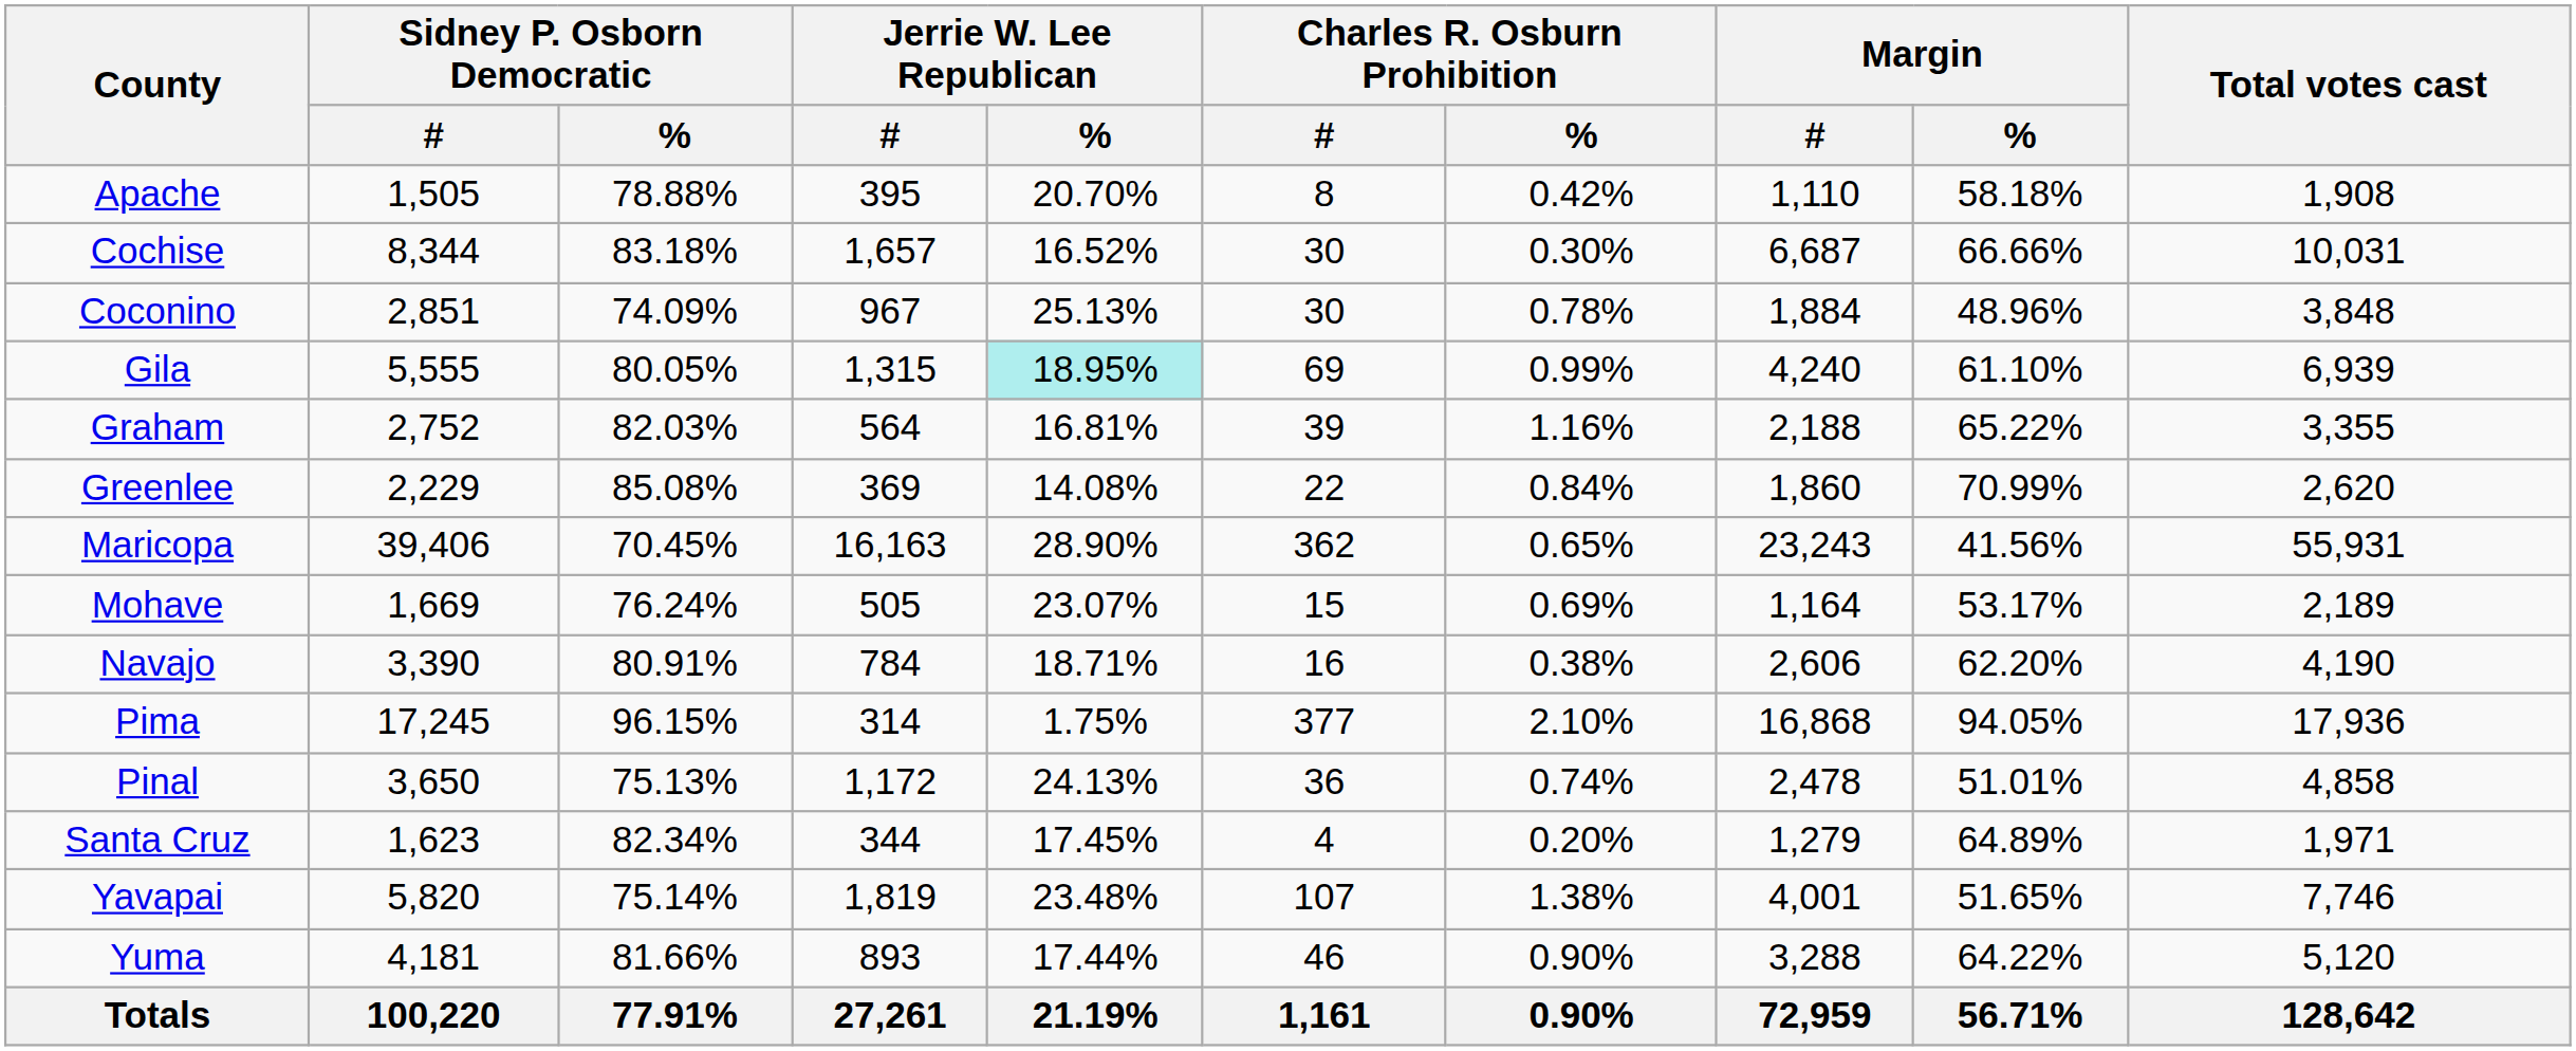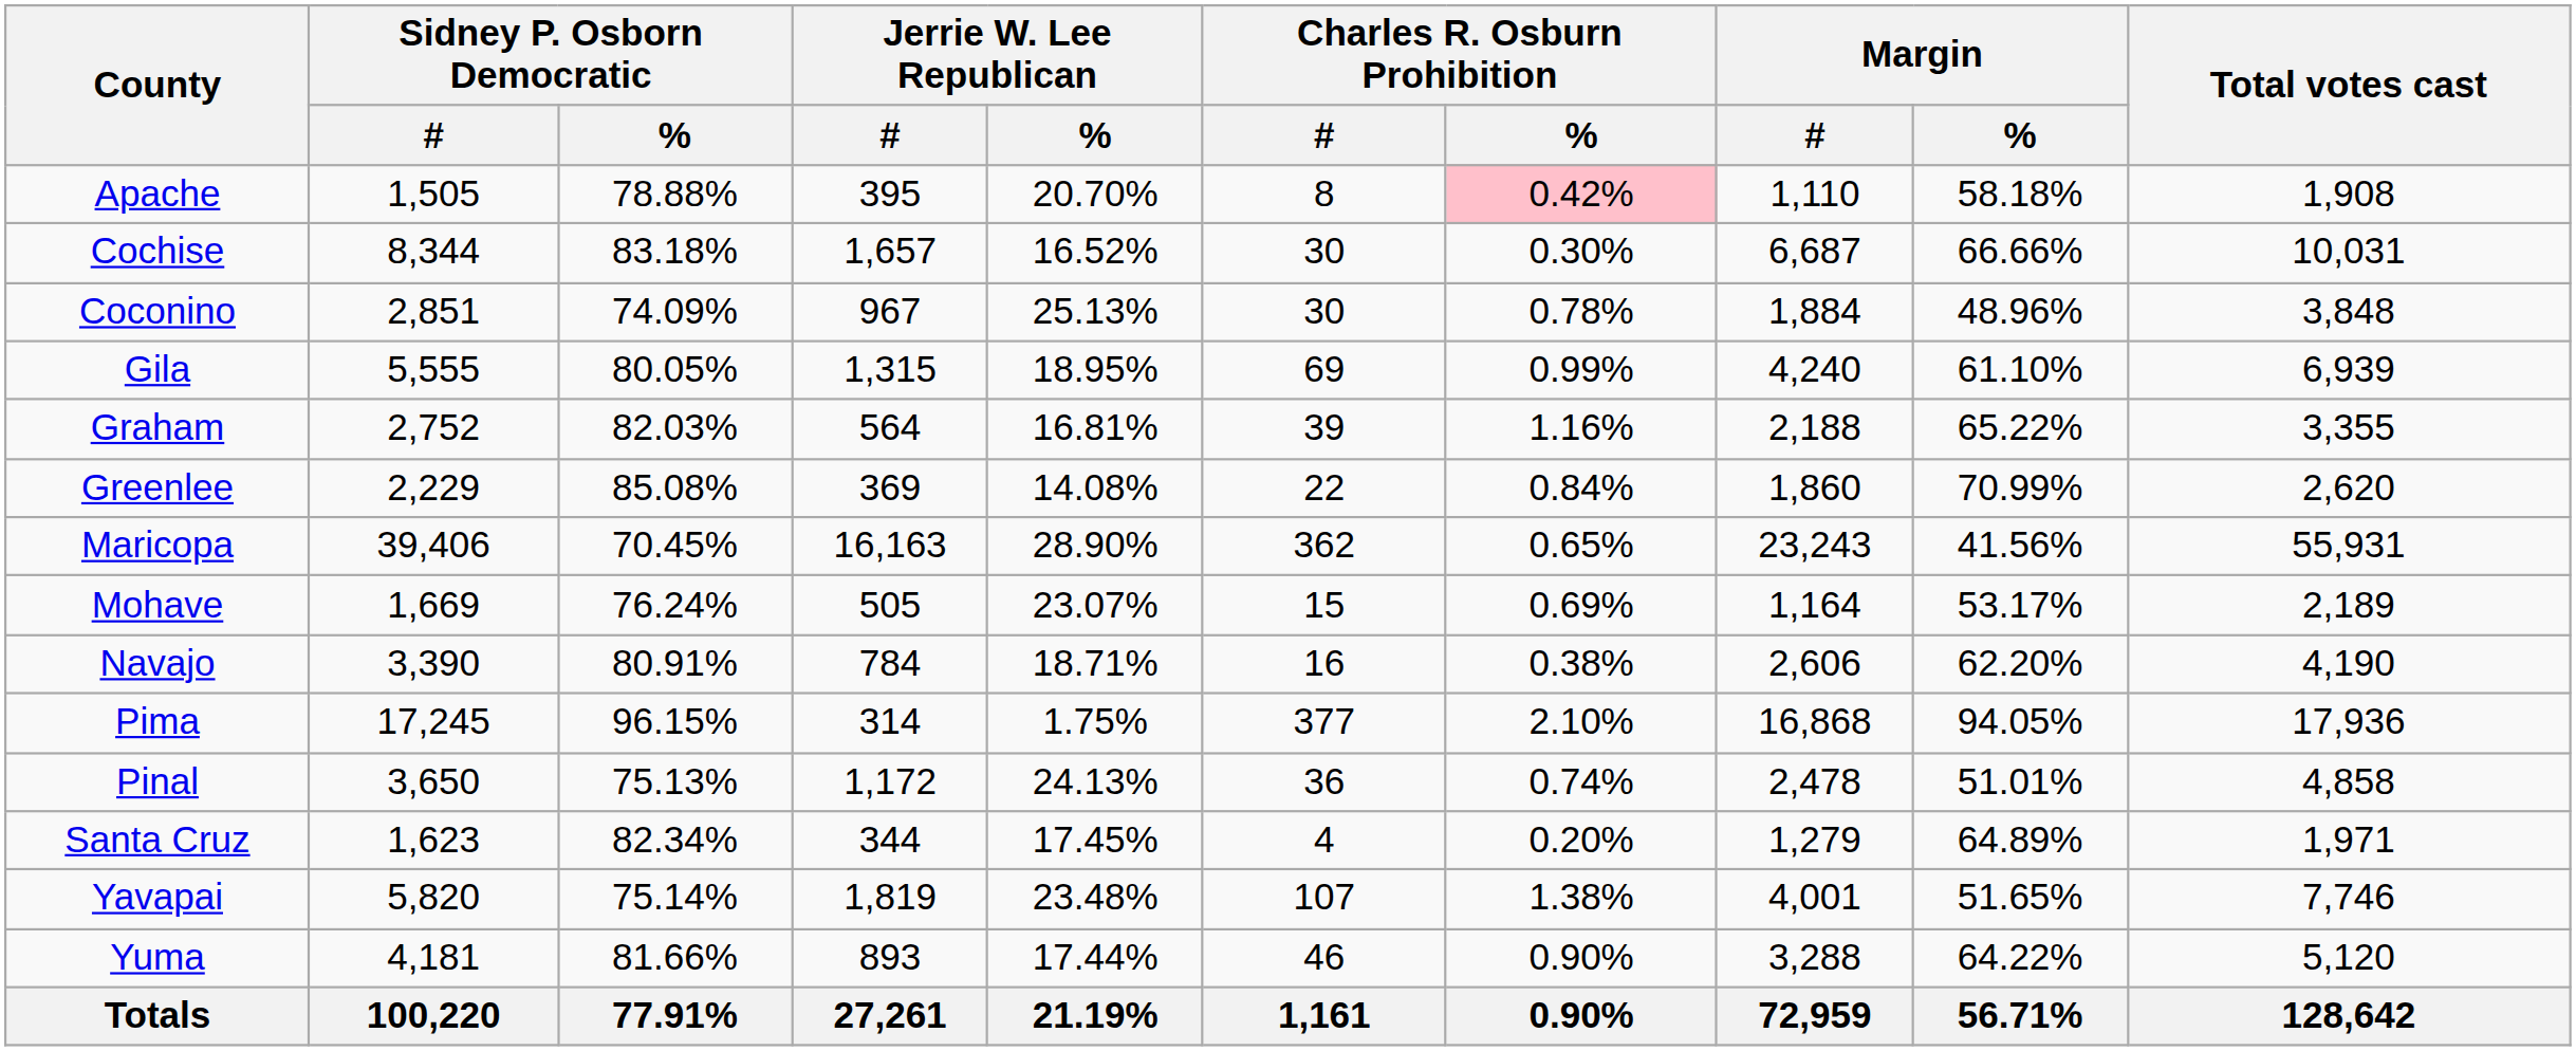 <table width="70%" class="wikitable sortable" style="text-align:center">
 <tr>
 <th rowspan="2">County</th>
 <th style="text-align:center;" colspan="2">Sidney P. Osborn<br>Democratic</th>
 <th style="text-align:center;" colspan="2">Jerrie W. Lee<br>Republican</th>
 <th style="text-align:center;" colspan="2">Charles R. Osburn<br>Prohibition</th>
 <th style="text-align:center;" colspan="2">Margin</th>
 <th style="text-align:center;" rowspan="2">Total votes cast</th>
 </tr>
 <tr>
 <th style="text-align:center;" data-sort-type="number">#</th>
 <th style="text-align:center;" data-sort-type="number">%</th>
 <th style="text-align:center;" data-sort-type="number">#</th>
 <th style="text-align:center;" data-sort-type="number">%</th>
 <th style="text-align:center;" data-sort-type="number">#</th>
 <th style="text-align:center;" data-sort-type="number">%</th>
 <th style="text-align:center;" data-sort-type="number">#</th>
 <th style="text-align:center;" data-sort-type="number">%</th>
 </tr>
 <tr style="text-align:center;">
 <td><a href='#'>Apache</a></td>
 <td>1,505</td>
 <td>78.88%</td>
 <td>395</td>
 <td>20.70%</td>
 <td>8</td>
-<td>0.42%</td>
+<td style="background: pink;">0.42%</td>
 <td>1,110</td>
 <td>58.18%</td>
 <td>1,908</td>
 </tr>
 <tr style="text-align:center;">
 <td><a href='#'>Cochise</a></td>
 <td>8,344</td>
 <td>83.18%</td>
 <td>1,657</td>
 <td>16.52%</td>
 <td>30</td>
 <td>0.30%</td>
 <td>6,687</td>
 <td>66.66%</td>
 <td>10,031</td>
 </tr>
 <tr style="text-align:center;">
 <td><a href='#'>Coconino</a></td>
 <td>2,851</td>
 <td>74.09%</td>
 <td>967</td>
 <td>25.13%</td>
 <td>30</td>
 <td>0.78%</td>
 <td>1,884</td>
 <td>48.96%</td>
 <td>3,848</td>
 </tr>
 <tr style="text-align:center;">
 <td><a href='#'>Gila</a></td>
 <td>5,555</td>
 <td>80.05%</td>
 <td>1,315</td>
-<td style="background: paleturquoise;">18.95%</td>
+<td>18.95%</td>
 <td>69</td>
 <td>0.99%</td>
 <td>4,240</td>
 <td>61.10%</td>
 <td>6,939</td>
 </tr>
 <tr style="text-align:center;">
 <td><a href='#'>Graham</a></td>
 <td>2,752</td>
 <td>82.03%</td>
 <td>564</td>
 <td>16.81%</td>
 <td>39</td>
 <td>1.16%</td>
 <td>2,188</td>
 <td>65.22%</td>
 <td>3,355</td>
 </tr>
 <tr style="text-align:center;">
 <td><a href='#'>Greenlee</a></td>
 <td>2,229</td>
 <td>85.08%</td>
 <td>369</td>
 <td>14.08%</td>
 <td>22</td>
 <td>0.84%</td>
 <td>1,860</td>
 <td>70.99%</td>
 <td>2,620</td>
 </tr>
 <tr style="text-align:center;">
 <td><a href='#'>Maricopa</a></td>
 <td>39,406</td>
 <td>70.45%</td>
 <td>16,163</td>
 <td>28.90%</td>
 <td>362</td>
 <td>0.65%</td>
 <td>23,243</td>
 <td>41.56%</td>
 <td>55,931</td>
 </tr>
 <tr style="text-align:center;">
 <td><a href='#'>Mohave</a></td>
 <td>1,669</td>
 <td>76.24%</td>
 <td>505</td>
 <td>23.07%</td>
 <td>15</td>
 <td>0.69%</td>
 <td>1,164</td>
 <td>53.17%</td>
 <td>2,189</td>
 </tr>
 <tr style="text-align:center;">
 <td><a href='#'>Navajo</a></td>
 <td>3,390</td>
 <td>80.91%</td>
 <td>784</td>
 <td>18.71%</td>
 <td>16</td>
 <td>0.38%</td>
 <td>2,606</td>
 <td>62.20%</td>
 <td>4,190</td>
 </tr>
 <tr style="text-align:center;">
 <td><a href='#'>Pima</a></td>
 <td>17,245</td>
 <td>96.15%</td>
 <td>314</td>
 <td>1.75%</td>
 <td>377</td>
 <td>2.10%</td>
 <td>16,868</td>
 <td>94.05%</td>
 <td>17,936</td>
 </tr>
 <tr style="text-align:center;">
 <td><a href='#'>Pinal</a></td>
 <td>3,650</td>
 <td>75.13%</td>
 <td>1,172</td>
 <td>24.13%</td>
 <td>36</td>
 <td>0.74%</td>
 <td>2,478</td>
 <td>51.01%</td>
 <td>4,858</td>
 </tr>
 <tr style="text-align:center;">
 <td><a href='#'>Santa Cruz</a></td>
 <td>1,623</td>
 <td>82.34%</td>
 <td>344</td>
 <td>17.45%</td>
 <td>4</td>
 <td>0.20%</td>
 <td>1,279</td>
 <td>64.89%</td>
 <td>1,971</td>
 </tr>
 <tr style="text-align:center;">
 <td><a href='#'>Yavapai</a></td>
 <td>5,820</td>
 <td>75.14%</td>
 <td>1,819</td>
 <td>23.48%</td>
 <td>107</td>
 <td>1.38%</td>
 <td>4,001</td>
 <td>51.65%</td>
 <td>7,746</td>
 </tr>
 <tr style="text-align:center;">
 <td><a href='#'>Yuma</a></td>
 <td>4,181</td>
 <td>81.66%</td>
 <td>893</td>
 <td>17.44%</td>
 <td>46</td>
 <td>0.90%</td>
 <td>3,288</td>
 <td>64.22%</td>
 <td>5,120</td>
 </tr>
 <tr style="text-align:center;">
 <th>Totals</th>
 <th>100,220</th>
 <th>77.91%</th>
 <th>27,261</th>
 <th>21.19%</th>
 <th>1,161</th>
 <th>0.90%</th>
 <th>72,959</th>
 <th>56.71%</th>
 <th>128,642</th>
 </tr>
 </table>
